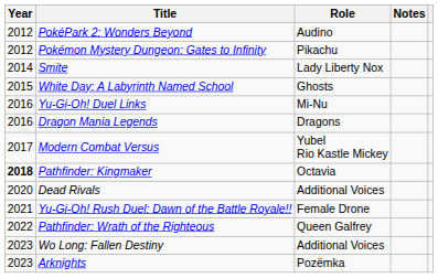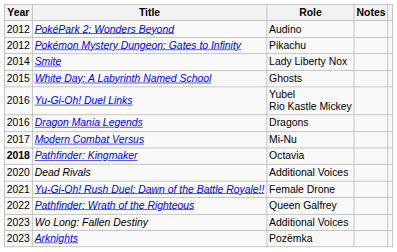 <table class="wikitable">
 <tr>
 <th>Year</th>
 <th>Title</th>
 <th>Role</th>
 <th>Notes</th>
 <th></th>
 </tr>
 <tr>
 <td>2012</td>
 <td><em><a href='#'>PokéPark 2: Wonders Beyond</a></em></td>
 <td>Audino</td>
 <td></td>
 <td></td>
 </tr>
 <tr>
 <td>2012</td>
 <td><em><a href='#'>Pokémon Mystery Dungeon: Gates to Infinity</a></em></td>
 <td>Pikachu</td>
 <td></td>
 <td></td>
 </tr>
 <tr>
 <td>2014</td>
 <td><em><a href='#'>Smite</a></em></td>
 <td>Lady Liberty Nox</td>
 <td></td>
 <td></td>
 </tr>
 <tr>
 <td>2015</td>
 <td><em><a href='#'>White Day: A Labyrinth Named School</a></em></td>
 <td>Ghosts</td>
 <td></td>
 <td></td>
 </tr>
 <tr>
 <td>2016</td>
 <td><em><a href='#'>Yu-Gi-Oh! Duel Links</a></em></td>
-<td>Mi-Nu</td>
+<td>Yubel<br>Rio Kastle Mickey</td>
 <td></td>
 <td></td>
 </tr>
 <tr>
 <td>2016</td>
 <td><em><a href='#'>Dragon Mania Legends</a></em></td>
 <td>Dragons</td>
 <td></td>
 <td></td>
 </tr>
 <tr>
 <td>2017</td>
 <td><em><a href='#'>Modern Combat Versus</a></em></td>
-<td>Yubel<br>Rio Kastle Mickey</td>
+<td>Mi-Nu</td>
 <td></td>
 <td></td>
 </tr>
 <tr>
 <td><strong>2018</strong></td>
 <td><em><a href='#'>Pathfinder: Kingmaker</a></em></td>
 <td>Octavia</td>
 <td></td>
 <td></td>
 </tr>
 <tr>
 <td>2020</td>
 <td><em>Dead Rivals</em></td>
 <td>Additional Voices</td>
 <td></td>
 <td></td>
 </tr>
 <tr>
 <td>2021</td>
 <td><em><a href='#'>Yu-Gi-Oh! Rush Duel: Dawn of the Battle Royale!!</a></em></td>
 <td>Female Drone</td>
 <td></td>
 <td></td>
 </tr>
 <tr>
 <td>2022</td>
 <td><em><a href='#'>Pathfinder: Wrath of the Righteous</a></em></td>
 <td>Queen Galfrey</td>
 <td></td>
 <td></td>
 </tr>
 <tr>
 <td>2023</td>
 <td><em>Wo Long: Fallen Destiny</em></td>
 <td>Additional Voices</td>
 <td></td>
 <td></td>
 </tr>
 <tr>
 <td>2023</td>
 <td><em><a href='#'>Arknights</a></em></td>
 <td>Pozëmka</td>
 <td></td>
 <td></td>
 </tr>
 </table>
